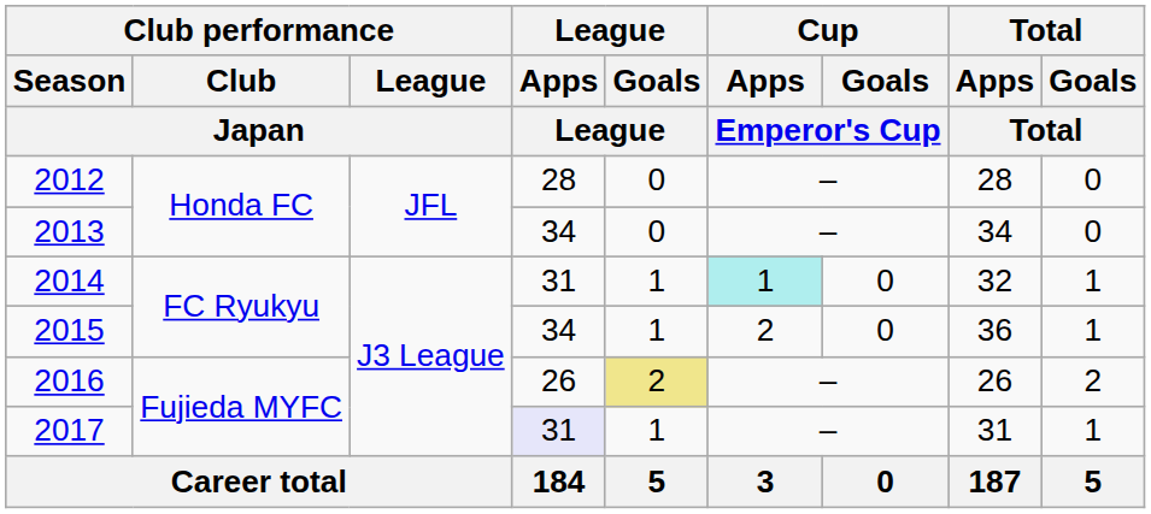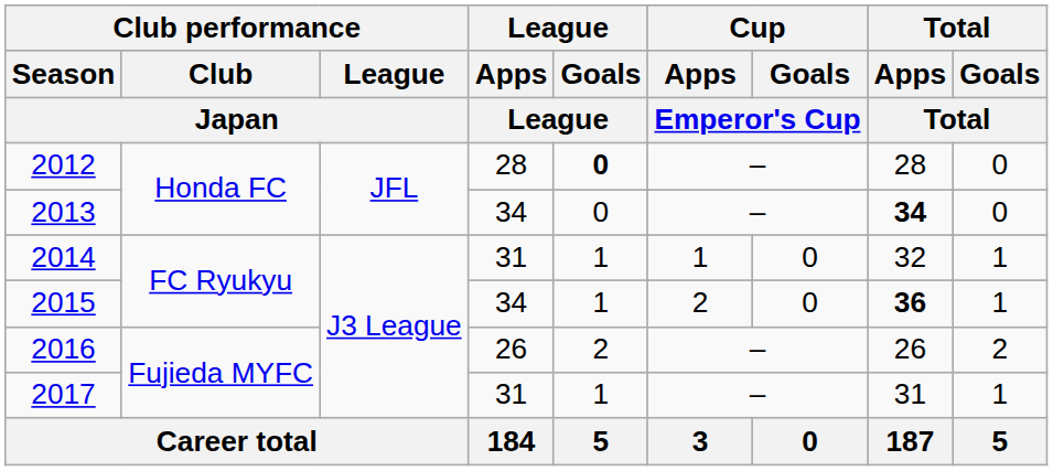 <table class="wikitable" style="text-align:center">
 <tr>
 <th colspan=3>Club performance</th>
 <th colspan=2>League</th>
 <th colspan=2>Cup</th>
 <th colspan=2>Total</th>
 </tr>
 <tr>
 <th>Season</th>
 <th>Club</th>
 <th>League</th>
 <th>Apps</th>
 <th>Goals</th>
 <th>Apps</th>
 <th>Goals</th>
 <th>Apps</th>
 <th>Goals</th>
 </tr>
 <tr>
 <th colspan=3>Japan</th>
 <th colspan=2>League</th>
 <th colspan=2><a href='#'>Emperor's Cup</a></th>
 <th colspan=2>Total</th>
 </tr>
 <tr>
 <td><a href='#'>2012</a></td>
 <td rowspan="2"><a href='#'>Honda FC</a></td>
 <td rowspan="2"><a href='#'>JFL</a></td>
 <td>28</td>
-<td>0</td>
+<td><strong>0</strong></td>
 <td colspan="2">–</td>
 <td>28</td>
 <td>0</td>
 </tr>
 <tr>
 <td><a href='#'>2013</a></td>
 <td>34</td>
 <td>0</td>
 <td colspan="2">–</td>
-<td>34</td>
+<td><strong>34</strong></td>
 <td>0</td>
 </tr>
 <tr>
 <td><a href='#'>2014</a></td>
 <td rowspan="2"><a href='#'>FC Ryukyu</a></td>
 <td rowspan="4"><a href='#'>J3 League</a></td>
 <td>31</td>
 <td>1</td>
-<td style="background: paleturquoise;">1</td>
+<td>1</td>
 <td>0</td>
 <td>32</td>
 <td>1</td>
 </tr>
 <tr>
 <td><a href='#'>2015</a></td>
 <td>34</td>
 <td>1</td>
 <td>2</td>
 <td>0</td>
-<td>36</td>
+<td><strong>36</strong></td>
 <td>1</td>
 </tr>
 <tr>
 <td><a href='#'>2016</a></td>
 <td rowspan="2"><a href='#'>Fujieda MYFC</a></td>
 <td>26</td>
-<td style="background: khaki;">2</td>
+<td>2</td>
 <td colspan="2">–</td>
 <td>26</td>
 <td>2</td>
 </tr>
 <tr>
 <td><a href='#'>2017</a></td>
-<td style="background: lavender;">31</td>
+<td>31</td>
 <td>1</td>
 <td colspan="2">–</td>
 <td>31</td>
 <td>1</td>
 </tr>
 <tr>
 <th colspan=3>Career total</th>
 <th>184</th>
 <th>5</th>
 <th>3</th>
 <th>0</th>
 <th>187</th>
 <th>5</th>
 </tr>
 </table>
